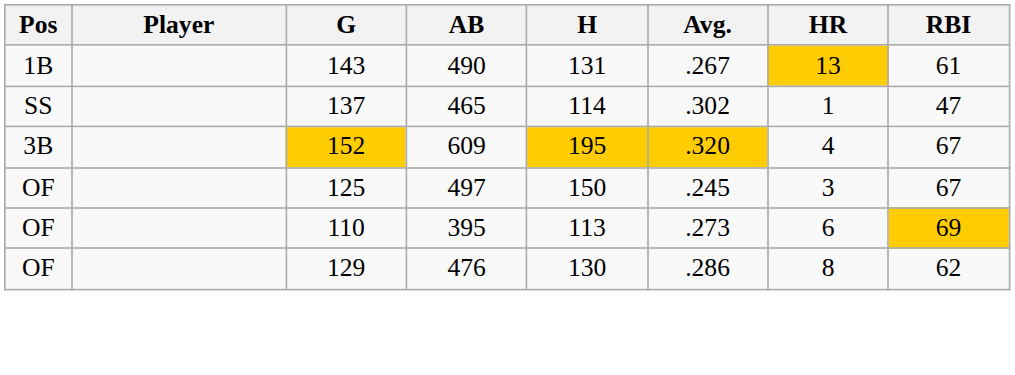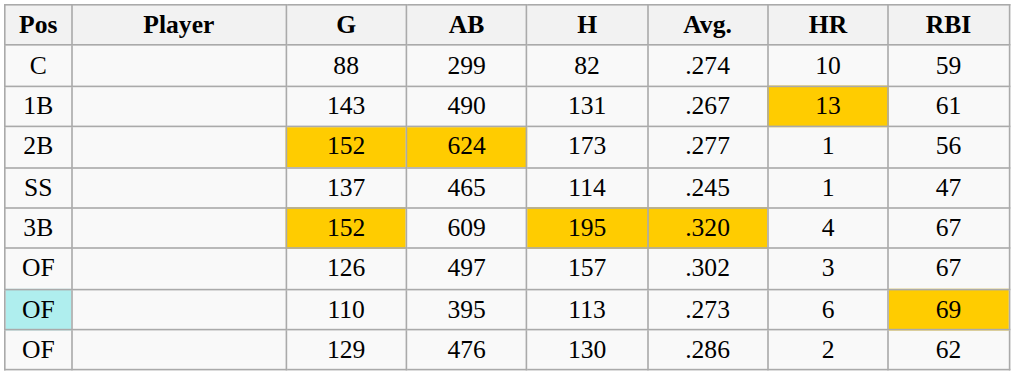 <table class="wikitable sortable">
 <tr>
 <th bgcolor="#DDDDFF" width="5%">Pos</th>
 <th bgcolor="#DDDDFF" width="16%">Player</th>
 <th bgcolor="#DDDDFF" width="9%">G</th>
 <th bgcolor="#DDDDFF" width="9%">AB</th>
 <th bgcolor="#DDDDFF" width="9%">H</th>
 <th bgcolor="#DDDDFF" width="9%">Avg.</th>
 <th bgcolor="#DDDDFF" width="9%">HR</th>
 <th bgcolor="#DDDDFF" width="9%">RBI</th>
 </tr>
 <tr align="center">
+<td>C</td>
+<td></td>
+<td>88</td>
+<td>299</td>
+<td>82</td>
+<td>.274</td>
+<td>10</td>
+<td>59</td>
+</tr>
+<tr align="center">
 <td>1B</td>
 <td></td>
 <td>143</td>
 <td>490</td>
 <td>131</td>
 <td>.267</td>
 <td style="background:#fc0;">13</td>
 <td>61</td>
 </tr>
 <tr align="center">
+<td>2B</td>
+<td></td>
+<td style="background:#fc0;">152</td>
+<td style="background:#fc0;">624</td>
+<td>173</td>
+<td>.277</td>
+<td>1</td>
+<td>56</td>
+</tr>
+<tr align="center">
 <td>SS</td>
 <td></td>
 <td>137</td>
 <td>465</td>
 <td>114</td>
-<td>.302</td>
+<td>.245</td>
 <td>1</td>
 <td>47</td>
 </tr>
 <tr align="center">
 <td>3B</td>
 <td></td>
 <td style="background:#fc0;">152</td>
 <td>609</td>
 <td style="background:#fc0;">195</td>
 <td style="background:#fc0;">.320</td>
 <td>4</td>
 <td>67</td>
 </tr>
 <tr align="center">
 <td>OF</td>
 <td></td>
-<td>125</td>
+<td>126</td>
 <td>497</td>
-<td>150</td>
-<td>.245</td>
+<td>157</td>
+<td>.302</td>
 <td>3</td>
 <td>67</td>
 </tr>
 <tr align="center">
-<td>OF</td>
+<td style="background: paleturquoise;">OF</td>
 <td></td>
 <td>110</td>
 <td>395</td>
 <td>113</td>
 <td>.273</td>
 <td>6</td>
 <td style="background:#fc0;">69</td>
 </tr>
 <tr align="center">
 <td>OF</td>
 <td></td>
 <td>129</td>
 <td>476</td>
 <td>130</td>
 <td>.286</td>
-<td>8</td>
+<td>2</td>
 <td>62</td>
 </tr>
 </table>
